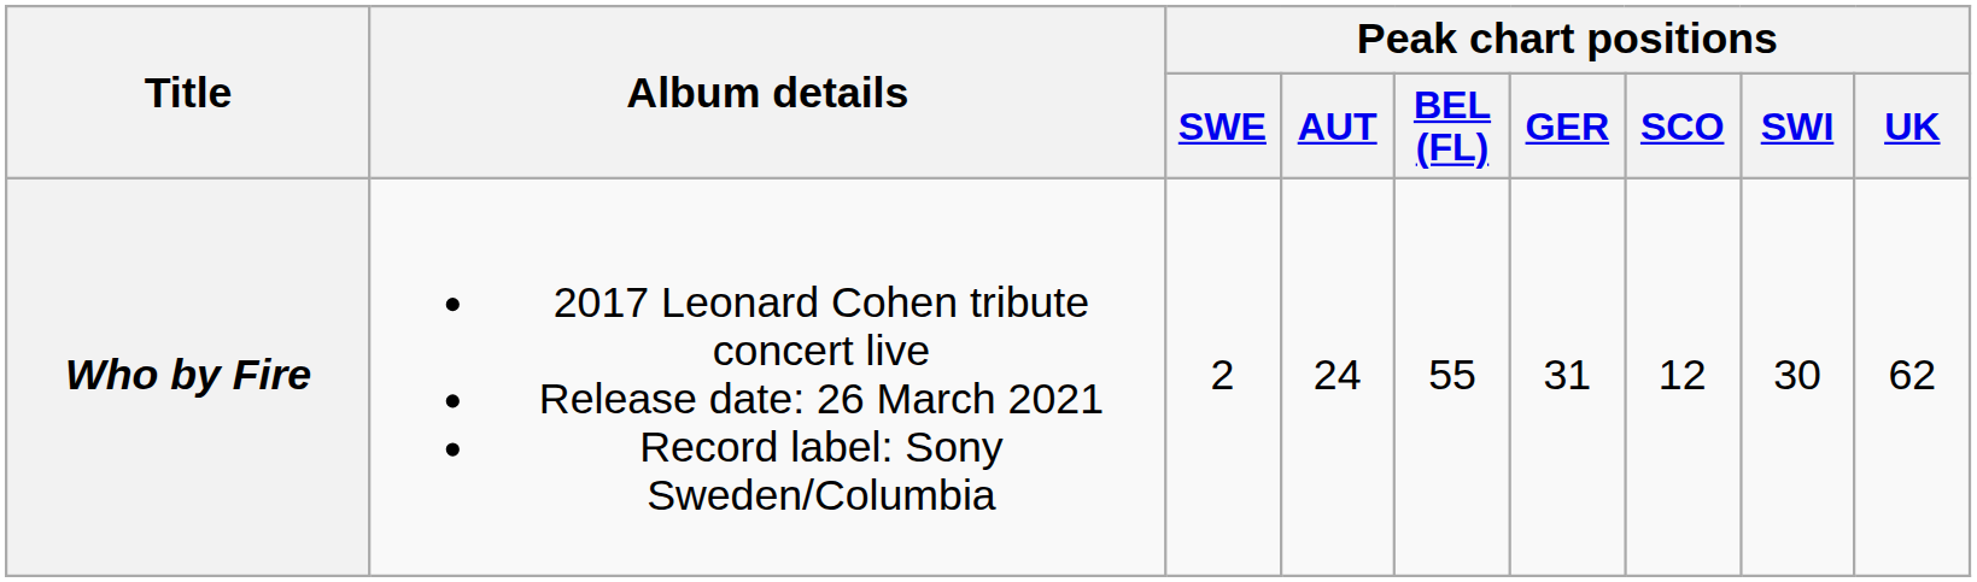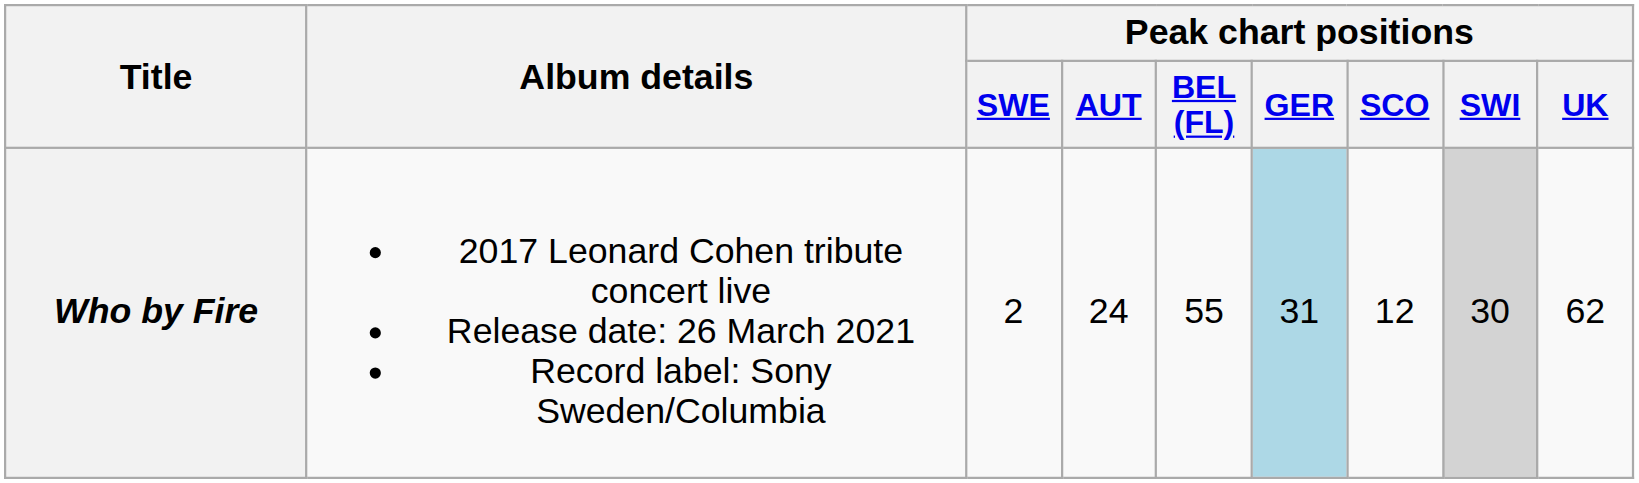 <table class="wikitable plainrowheaders" style="text-align:center;">
 <tr>
 <th scope="col" rowspan="2" style="width:8em;">Title</th>
 <th scope="col" rowspan="2" style="width:18em;">Album details</th>
 <th scope="col" colspan="7">Peak chart positions</th>
 </tr>
 <tr>
 <th scope="col" style="width:2.5em;font-size:90%;"><a href='#'>SWE</a><br></th>
 <th scope="col" style="width:2.5em;font-size:90%;"><a href='#'>AUT</a><br></th>
 <th scope="col" style="width:2.5em;font-size:90%;"><a href='#'>BEL <br>(FL)</a><br></th>
 <th scope="col" style="width:2.5em;font-size:90%;"><a href='#'>GER</a><br></th>
 <th scope="col" style="width:2.5em;font-size:90%;"><a href='#'>SCO</a><br></th>
 <th scope="col" style="width:2.5em;font-size:90%;"><a href='#'>SWI</a><br></th>
 <th scope="col" style="width:2.5em;font-size:90%;"><a href='#'>UK</a><br></th>
 </tr>
 <tr>
 <th scope="row"><em>Who by Fire</em></th>
 <td><br><ul><li>2017 Leonard Cohen tribute concert live</li><li>Release date: 26 March 2021</li><li>Record label: Sony Sweden/Columbia</li></ul></td>
 <td>2</td>
 <td>24</td>
 <td>55</td>
-<td>31</td>
+<td style="background: lightblue;">31</td>
 <td>12</td>
-<td>30</td>
+<td style="background: lightgrey;">30</td>
 <td>62</td>
 </tr>
 </table>
